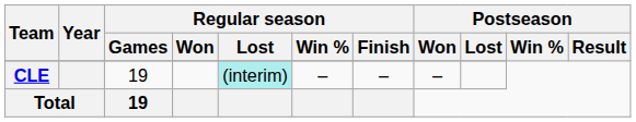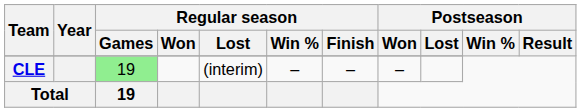 <table class="wikitable" style="font-size: 95%; text-align:center;">
 <tr>
 <th rowspan="2">Team</th>
 <th rowspan="2">Year</th>
 <th colspan="5">Regular season</th>
 <th colspan="4">Postseason</th>
 </tr>
 <tr>
 <th>Games</th>
 <th>Won</th>
 <th>Lost</th>
 <th>Win %</th>
 <th>Finish</th>
 <th>Won</th>
 <th>Lost</th>
 <th>Win %</th>
 <th>Result</th>
 </tr>
 <tr>
 </tr>
 <tr>
 <th><a href='#'>CLE</a></th>
 <th></th>
-<td>19</td>
+<td style="background: lightgreen;">19</td>
 <td></td>
-<td style="background: paleturquoise;">(interim)</td>
+<td>(interim)</td>
 <td>–</td>
 <td>–</td>
 <td>–</td>
 <td></td>
 </tr>
 <tr>
 <th colspan="2">Total</th>
 <th>19</th>
 <th></th>
 <th></th>
 <th></th>
 <th></th>
 </tr>
 </table>
